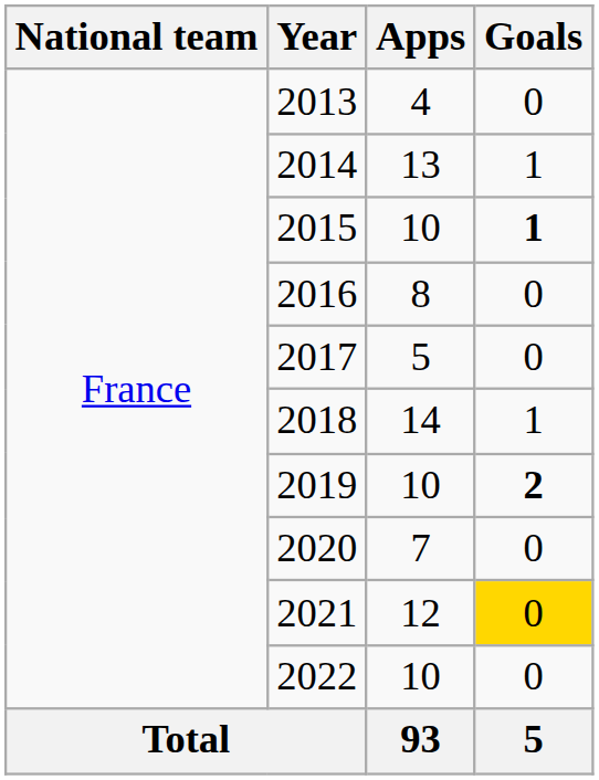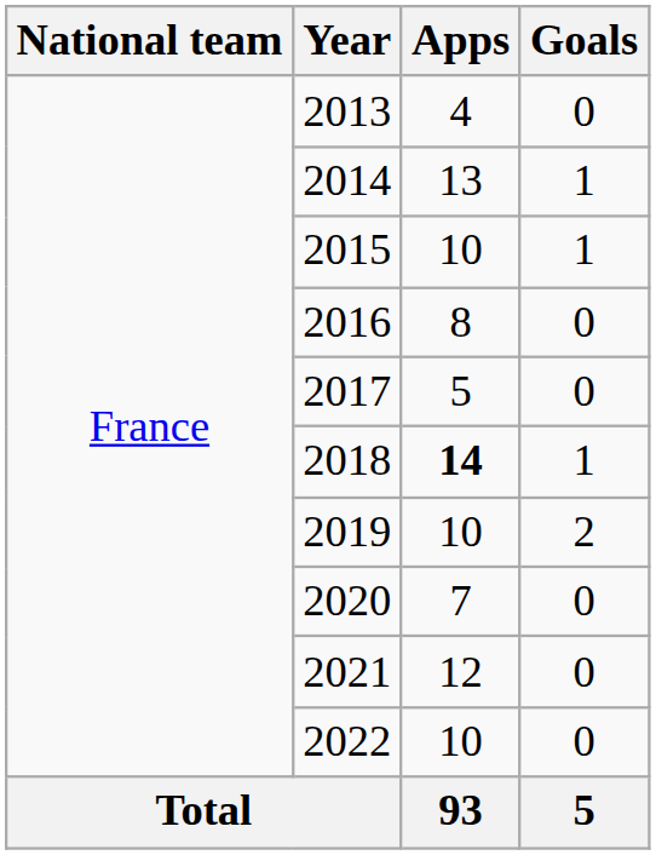 <table class="wikitable" style="text-align: center;">
 <tr>
 <th>National team</th>
 <th>Year</th>
 <th>Apps</th>
 <th>Goals</th>
 </tr>
 <tr>
 <td rowspan="10"><a href='#'>France</a></td>
 <td>2013</td>
 <td>4</td>
 <td>0</td>
 </tr>
 <tr>
 <td>2014</td>
 <td>13</td>
 <td>1</td>
 </tr>
 <tr>
 <td>2015</td>
 <td>10</td>
-<td><strong>1</strong></td>
+<td>1</td>
 </tr>
 <tr>
 <td>2016</td>
 <td>8</td>
 <td>0</td>
 </tr>
 <tr>
 <td>2017</td>
 <td>5</td>
 <td>0</td>
 </tr>
 <tr>
 <td>2018</td>
-<td>14</td>
+<td><strong>14</strong></td>
 <td>1</td>
 </tr>
 <tr>
 <td>2019</td>
 <td>10</td>
-<td><strong>2</strong></td>
+<td>2</td>
 </tr>
 <tr>
 <td>2020</td>
 <td>7</td>
 <td>0</td>
 </tr>
 <tr>
 <td>2021</td>
 <td>12</td>
-<td style="background: gold;">0</td>
+<td>0</td>
 </tr>
 <tr>
 <td>2022</td>
 <td>10</td>
 <td>0</td>
 </tr>
 <tr>
 <th colspan="2">Total</th>
 <th>93</th>
 <th>5</th>
 </tr>
 </table>
